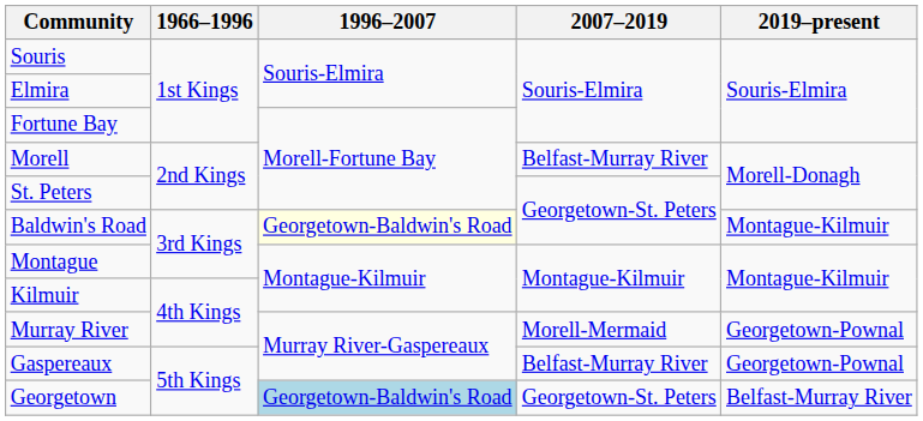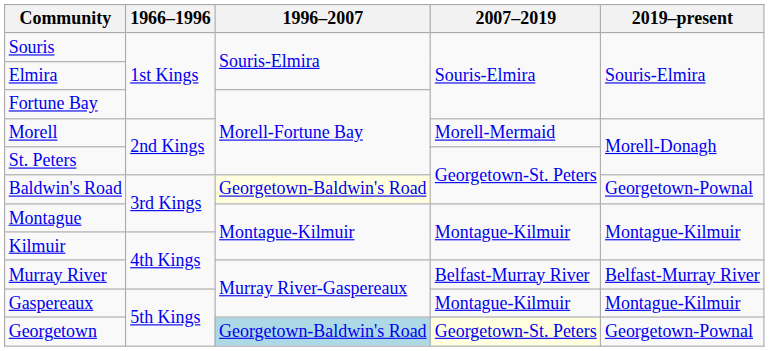 <table class="wikitable">
 <tr>
 <th>Community</th>
 <th>1966–1996</th>
 <th>1996–2007</th>
 <th>2007–2019</th>
 <th>2019–present</th>
 </tr>
 <tr>
 <td><a href='#'>Souris</a></td>
 <td rowspan="3"><a href='#'>1st Kings</a></td>
 <td rowspan="2"><a href='#'>Souris-Elmira</a></td>
 <td rowspan="3"><a href='#'>Souris-Elmira</a></td>
 <td rowspan="3"><a href='#'>Souris-Elmira</a></td>
 </tr>
 <tr>
 <td><a href='#'>Elmira</a></td>
 </tr>
 <tr>
 <td><a href='#'>Fortune Bay</a></td>
 <td rowspan="3"><a href='#'>Morell-Fortune Bay</a></td>
 </tr>
 <tr>
 <td><a href='#'>Morell</a></td>
 <td rowspan="2"><a href='#'>2nd Kings</a></td>
-<td><a href='#'>Belfast-Murray River</a></td>
+<td><a href='#'>Morell-Mermaid</a></td>
 <td rowspan="2"><a href='#'>Morell-Donagh</a></td>
 </tr>
 <tr>
 <td><a href='#'>St. Peters</a></td>
 <td rowspan="2"><a href='#'>Georgetown-St. Peters</a></td>
 </tr>
 <tr>
 <td><a href='#'>Baldwin's Road</a></td>
 <td rowspan="2"><a href='#'>3rd Kings</a></td>
 <td style="background: lightyellow;"><a href='#'>Georgetown-Baldwin's Road</a></td>
-<td><a href='#'>Montague-Kilmuir</a></td>
+<td><a href='#'>Georgetown-Pownal</a></td>
 </tr>
 <tr>
 <td><a href='#'>Montague</a></td>
 <td rowspan="2"><a href='#'>Montague-Kilmuir</a></td>
 <td rowspan="2"><a href='#'>Montague-Kilmuir</a></td>
 <td rowspan="2"><a href='#'>Montague-Kilmuir</a></td>
 </tr>
 <tr>
 <td><a href='#'>Kilmuir</a></td>
 <td rowspan="2"><a href='#'>4th Kings</a></td>
 </tr>
 <tr>
 <td><a href='#'>Murray River</a></td>
 <td rowspan="2"><a href='#'>Murray River-Gaspereaux</a></td>
-<td><a href='#'>Morell-Mermaid</a></td>
-<td><a href='#'>Georgetown-Pownal</a></td>
+<td><a href='#'>Belfast-Murray River</a></td>
+<td><a href='#'>Belfast-Murray River</a></td>
 </tr>
 <tr>
 <td><a href='#'>Gaspereaux</a></td>
 <td rowspan="2"><a href='#'>5th Kings</a></td>
-<td><a href='#'>Belfast-Murray River</a></td>
-<td><a href='#'>Georgetown-Pownal</a></td>
+<td><a href='#'>Montague-Kilmuir</a></td>
+<td><a href='#'>Montague-Kilmuir</a></td>
 </tr>
 <tr>
 <td><a href='#'>Georgetown</a></td>
 <td style="background: lightblue;"><a href='#'>Georgetown-Baldwin's Road</a></td>
-<td><a href='#'>Georgetown-St. Peters</a></td>
-<td><a href='#'>Belfast-Murray River</a></td>
+<td style="background: lightyellow;"><a href='#'>Georgetown-St. Peters</a></td>
+<td><a href='#'>Georgetown-Pownal</a></td>
 </tr>
 </table>
